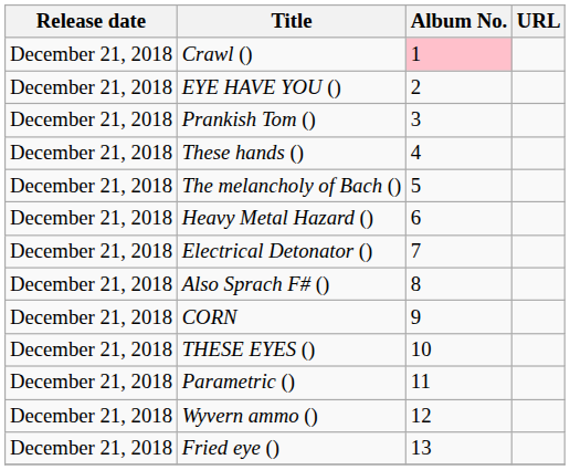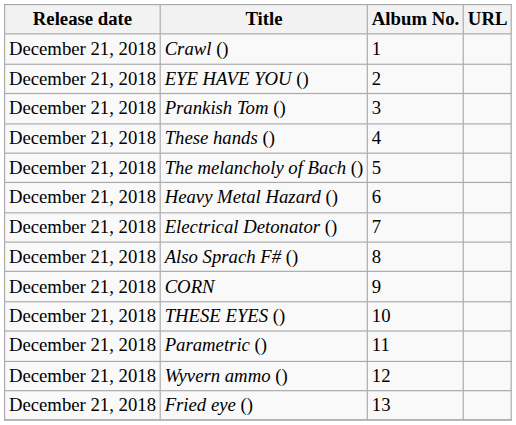 <table class="wikitable">
 <tr>
 <th>Release date</th>
 <th>Title</th>
 <th>Album No.</th>
 <th>URL</th>
 </tr>
 <tr>
 <td>December 21, 2018</td>
 <td><em>Crawl</em> ()</td>
-<td style="background: pink;">1</td>
+<td>1</td>
 <td></td>
 </tr>
 <tr>
 <td>December 21, 2018</td>
 <td><em>EYE HAVE YOU</em> ()</td>
 <td>2</td>
 <td></td>
 </tr>
 <tr>
 <td>December 21, 2018</td>
 <td><em>Prankish Tom</em> ()</td>
 <td>3</td>
 <td></td>
 </tr>
 <tr>
 <td>December 21, 2018</td>
 <td><em>These hands</em> ()</td>
 <td>4</td>
 <td></td>
 </tr>
 <tr>
 <td>December 21, 2018</td>
 <td><em>The melancholy of Bach</em> ()</td>
 <td>5</td>
 <td></td>
 </tr>
 <tr>
 <td>December 21, 2018</td>
 <td><em>Heavy Metal Hazard</em> ()</td>
 <td>6</td>
 <td></td>
 </tr>
 <tr>
 <td>December 21, 2018</td>
 <td><em>Electrical Detonator</em> ()</td>
 <td>7</td>
 <td></td>
 </tr>
 <tr>
 <td>December 21, 2018</td>
 <td><em>Also Sprach F#</em> ()</td>
 <td>8</td>
 <td></td>
 </tr>
 <tr>
 <td>December 21, 2018</td>
 <td><em>CORN</em></td>
 <td>9</td>
 <td></td>
 </tr>
 <tr>
 <td>December 21, 2018</td>
 <td><em>THESE EYES</em> ()</td>
 <td>10</td>
 <td></td>
 </tr>
 <tr>
 <td>December 21, 2018</td>
 <td><em>Parametric</em> ()</td>
 <td>11</td>
 <td></td>
 </tr>
 <tr>
 <td>December 21, 2018</td>
 <td><em>Wyvern ammo</em> ()</td>
 <td>12</td>
 <td></td>
 </tr>
 <tr>
 <td>December 21, 2018</td>
 <td><em>Fried eye</em> ()</td>
 <td>13</td>
 <td></td>
 </tr>
 <tr>
 </tr>
 </table>
